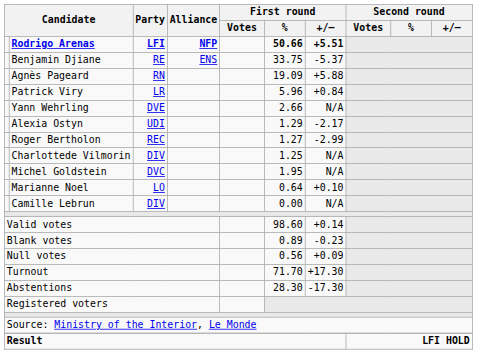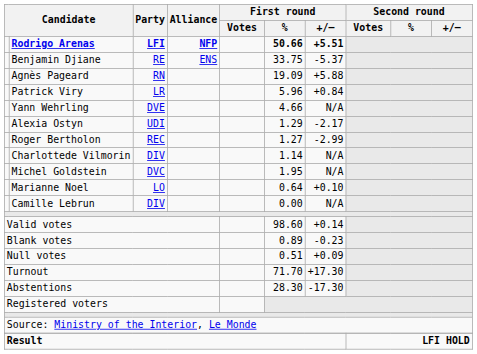 <table class="wikitable" style="text-align:right;font-size:95%;">
 <tr>
 <th rowspan="2" colspan="2">Candidate</th>
 <th rowspan="2">Party</th>
 <th rowspan="2">Alliance</th>
 <th colspan="3">First round</th>
 <th colspan="3">Second round</th>
 </tr>
 <tr>
 <th style="width:50px;">Votes</th>
 <th style="width:45px;">%</th>
 <th style="width:45px;">+/–</th>
 <th style="width:50px;">Votes</th>
 <th style="width:45px;">%</th>
 <th style="width:45px;">+/–</th>
 </tr>
 <tr>
 <td style="color:inherit;background:"></td>
 <td style="text-align:left;"><strong><a href='#'>Rodrigo Arenas</a></strong></td>
 <td><a href='#'><strong>LFI</strong></a></td>
 <td><a href='#'><strong>NFP</strong></a></td>
 <td><strong></strong></td>
 <td><strong>50.66</strong></td>
 <td><strong>+5.51</strong></td>
 <td colspan="3" style="background:#E9E9E9;"></td>
 </tr>
 <tr>
 <td style="color:inherit;background:"></td>
 <td style="text-align:left;">Benjamin Djiane</td>
 <td><a href='#'>RE</a></td>
 <td><a href='#'>ENS</a></td>
 <td></td>
 <td>33.75</td>
 <td>-5.37</td>
 <td colspan="3" style="background:#E9E9E9;"></td>
 </tr>
 <tr>
 <td style="color:inherit;background:"></td>
 <td style="text-align:left;">Agnès Pageard</td>
 <td><a href='#'>RN</a></td>
 <td></td>
 <td></td>
 <td>19.09</td>
 <td>+5.88</td>
 <td colspan="3" style="background:#E9E9E9;"></td>
 </tr>
 <tr>
 <td style="color:inherit;background:"></td>
 <td style="text-align:left;">Patrick Viry</td>
 <td><a href='#'>LR</a></td>
 <td></td>
 <td></td>
 <td>5.96</td>
 <td>+0.84</td>
 <td colspan="3" style="background:#E9E9E9;"></td>
 </tr>
 <tr>
 <td style="color:inherit;background:"></td>
 <td style="text-align:left;">Yann Wehrling</td>
 <td><a href='#'>DVE</a></td>
 <td></td>
 <td></td>
-<td>2.66</td>
+<td>4.66</td>
 <td>N/A</td>
 <td colspan="3" style="background:#E9E9E9;"></td>
 </tr>
 <tr>
 <td style="color:inherit;background:"></td>
 <td style="text-align:left;">Alexia Ostyn</td>
 <td><a href='#'>UDI</a></td>
 <td></td>
 <td></td>
 <td>1.29</td>
 <td>-2.17</td>
 <td colspan="3" style="background:#E9E9E9;"></td>
 </tr>
 <tr>
 <td style="color:inherit;background:"></td>
 <td style="text-align:left;">Roger Bertholon</td>
 <td><a href='#'>REC</a></td>
 <td></td>
 <td></td>
 <td>1.27</td>
 <td>-2.99</td>
 <td colspan="3" style="background:#E9E9E9;"></td>
 </tr>
 <tr>
 <td style="color:inherit;background:"></td>
 <td style="text-align:left;">Charlottede Vilmorin</td>
 <td><a href='#'>DIV</a></td>
 <td></td>
 <td></td>
-<td>1.25</td>
+<td>1.14</td>
 <td>N/A</td>
 <td colspan="3" style="background:#E9E9E9;"></td>
 </tr>
 <tr>
 <td style="color:inherit;background:"></td>
 <td style="text-align:left;">Michel Goldstein</td>
 <td><a href='#'>DVC</a></td>
 <td></td>
 <td></td>
 <td>1.95</td>
 <td>N/A</td>
 <td colspan="3" style="background:#E9E9E9;"></td>
 </tr>
 <tr>
 <td style="color:inherit;background:"></td>
 <td style="text-align:left;">Marianne Noel</td>
 <td><a href='#'>LO</a></td>
 <td></td>
 <td></td>
 <td>0.64</td>
 <td>+0.10</td>
 <td colspan="3" style="background:#E9E9E9;"></td>
 </tr>
 <tr>
 <td style="color:inherit;background:"></td>
 <td style="text-align:left;">Camille Lebrun</td>
 <td><a href='#'>DIV</a></td>
 <td></td>
 <td></td>
 <td>0.00</td>
 <td>N/A</td>
 <td colspan="3" style="background:#E9E9E9;"></td>
 </tr>
 <tr>
 <td colspan="10" style="background:#E9E9E9;"></td>
 </tr>
 <tr>
 <td colspan="4" style="text-align:left;">Valid votes</td>
 <td></td>
 <td>98.60</td>
 <td>+0.14</td>
 <td colspan="3" style="background:#E9E9E9;"></td>
 </tr>
 <tr>
 <td colspan="4" style="text-align:left;">Blank votes</td>
 <td></td>
 <td>0.89</td>
 <td>-0.23</td>
 <td colspan="3" style="background:#E9E9E9;"></td>
 </tr>
 <tr>
 <td colspan="4" style="text-align:left;">Null votes</td>
 <td></td>
-<td>0.56</td>
+<td>0.51</td>
 <td>+0.09</td>
 <td colspan="3" style="background:#E9E9E9;"></td>
 </tr>
 <tr>
 <td colspan="4" style="text-align:left;">Turnout</td>
 <td></td>
 <td>71.70</td>
 <td>+17.30</td>
 <td colspan="3" style="background:#E9E9E9;"></td>
 </tr>
 <tr>
 <td colspan="4" style="text-align:left;">Abstentions</td>
 <td></td>
 <td>28.30</td>
 <td>-17.30</td>
 <td colspan="3" style="background:#E9E9E9;"></td>
 </tr>
 <tr>
 <td colspan="4" style="text-align:left;">Registered voters</td>
 <td></td>
 <td colspan="5" style="background:#E9E9E9;"></td>
 </tr>
 <tr>
 <td colspan="10" style="background:#E9E9E9;"></td>
 </tr>
 <tr>
 <td colspan="10" style="text-align:left;">Source: <a href='#'>Ministry of the Interior</a>, <a href='#'>Le Monde</a></td>
 </tr>
 <tr>
 </tr>
 <tr style="font-weight:bold">
 <td colspan="7" style="text-align:left;">Result</td>
 <td colspan="7" style="background-color:">LFI HOLD</td>
 </tr>
 </table>
